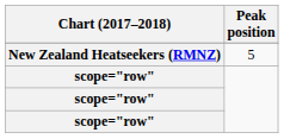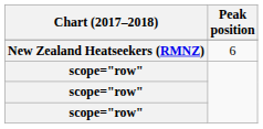 <table class="wikitable sortable plainrowheaders" style="text-align:center">
 <tr>
 <th scope="col">Chart (2017–2018)</th>
 <th scope="col">Peak<br> position</th>
 </tr>
 <tr>
 </tr>
 <tr>
 <th scope="row">New Zealand Heatseekers (<a href='#'>RMNZ</a>)</th>
-<td>5</td>
+<td>6</td>
 </tr>
 <tr>
 <th>scope="row" </th>
 </tr>
 <tr>
 <th>scope="row" </th>
 </tr>
 <tr>
 <th>scope="row" </th>
 </tr>
 </table>
